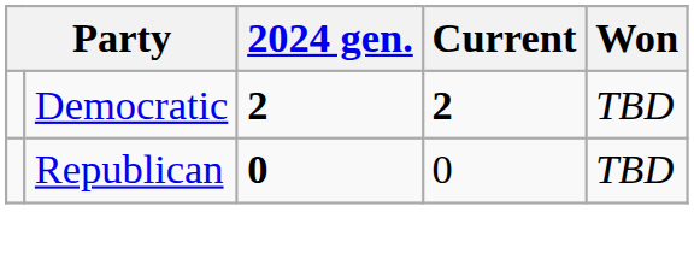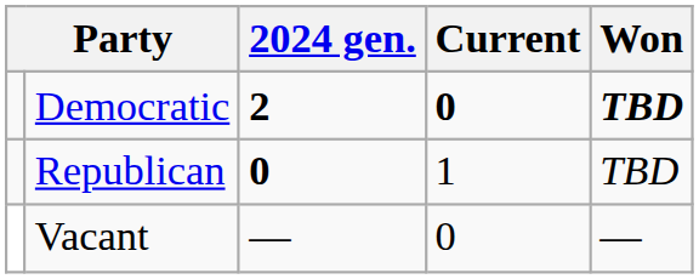 <table class="wikitable defaultcenter">
 <tr>
 <th colspan=2>Party</th>
 <th><a href='#'>2024 gen.</a></th>
 <th>Current</th>
 <th>Won</th>
 </tr>
 <tr>
 <td style="background:"></td>
 <td><a href='#'>Democratic</a></td>
 <td><strong>2</strong></td>
-<td><strong>2</strong></td>
-<td><em>TBD</em></td>
+<td><strong>0</strong></td>
+<td><strong><em>TBD</em></strong></td>
 </tr>
 <tr>
 <td style="background:"></td>
 <td><a href='#'>Republican</a></td>
 <td><strong>0</strong></td>
-<td>0</td>
+<td>1</td>
 <td><em>TBD</em></td>
 </tr>
+<tr>
+<td style="background:#ffffff;"></td>
+<td>Vacant</td>
+<td>—</td>
+<td>0</td>
+<td>—</td>
+</tr>
 </table>
